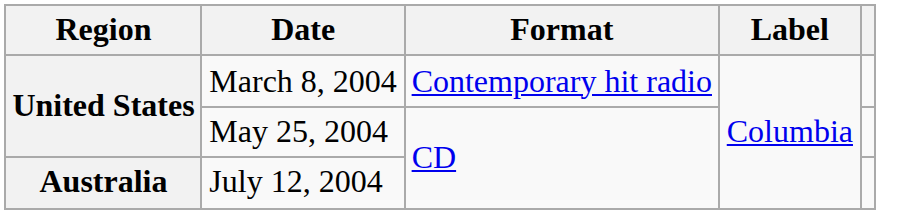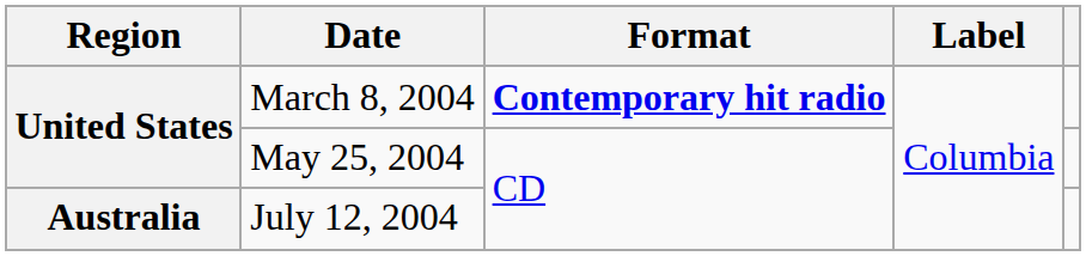 <table class="wikitable plainrowheaders">
 <tr>
 <th scope="col">Region</th>
 <th scope="col">Date</th>
 <th scope="col">Format</th>
 <th scope="col">Label</th>
 <th scope="col"></th>
 </tr>
 <tr>
 <th scope="row" rowspan="2">United States</th>
 <td>March 8, 2004</td>
-<td><a href='#'>Contemporary hit radio</a></td>
+<td><strong><a href='#'>Contemporary hit radio</a></strong></td>
 <td rowspan="3"><a href='#'>Columbia</a></td>
 <td></td>
 </tr>
 <tr>
 <td>May 25, 2004</td>
 <td rowspan="2"><a href='#'>CD</a></td>
 <td></td>
 </tr>
 <tr>
 <th scope="row">Australia</th>
 <td>July 12, 2004</td>
 <td></td>
 </tr>
 </table>
